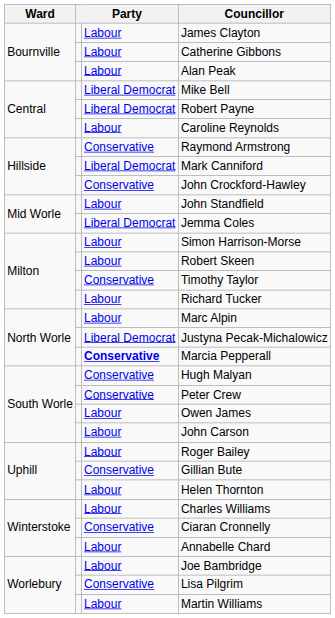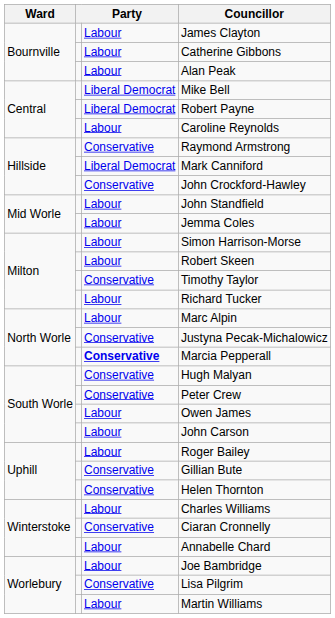 <table class="wikitable sortable">
 <tr>
 <th>Ward</th>
 <th colspan="2">Party</th>
 <th>Councillor</th>
 </tr>
 <tr>
 <td rowspan="3">Bournville</td>
 <td style="background-color:"></td>
 <td><a href='#'>Labour</a></td>
 <td>James Clayton</td>
 </tr>
 <tr>
 <td style="background-color:"></td>
 <td><a href='#'>Labour</a></td>
 <td>Catherine Gibbons</td>
 </tr>
 <tr>
 <td style="background-color:"></td>
 <td><a href='#'>Labour</a></td>
 <td>Alan Peak</td>
 </tr>
 <tr>
 <td rowspan="3">Central</td>
 <td style="background-color:"></td>
 <td><a href='#'>Liberal Democrat</a></td>
 <td>Mike Bell</td>
 </tr>
 <tr>
 <td style="background-color:"></td>
 <td><a href='#'>Liberal Democrat</a></td>
 <td>Robert Payne</td>
 </tr>
 <tr>
 <td style="background-color:"></td>
 <td><a href='#'>Labour</a></td>
 <td>Caroline Reynolds</td>
 </tr>
 <tr>
 <td rowspan="3">Hillside</td>
 <td style="background-color:"></td>
 <td><a href='#'>Conservative</a></td>
 <td>Raymond Armstrong</td>
 </tr>
 <tr>
 <td style="background-color:"></td>
 <td><a href='#'>Liberal Democrat</a></td>
 <td>Mark Canniford</td>
 </tr>
 <tr>
 <td style="background-color:"></td>
 <td><a href='#'>Conservative</a></td>
 <td>John Crockford-Hawley</td>
 </tr>
 <tr>
 <td rowspan="2">Mid Worle</td>
 <td style="background-color:"></td>
 <td><a href='#'>Labour</a></td>
 <td>John Standfield</td>
 </tr>
 <tr>
 <td style="background-color:"></td>
-<td><a href='#'>Liberal Democrat</a></td>
+<td><a href='#'>Labour</a></td>
 <td>Jemma Coles</td>
 </tr>
 <tr>
 <td rowspan="4">Milton</td>
 <td style="background-color:"></td>
 <td><a href='#'>Labour</a></td>
 <td>Simon Harrison-Morse</td>
 </tr>
 <tr>
 <td style="background-color:"></td>
 <td><a href='#'>Labour</a></td>
 <td>Robert Skeen</td>
 </tr>
 <tr>
 <td style="background-color:"></td>
 <td><a href='#'>Conservative</a></td>
 <td>Timothy Taylor</td>
 </tr>
 <tr>
 <td style="background-color:"></td>
 <td><a href='#'>Labour</a></td>
 <td>Richard Tucker</td>
 </tr>
 <tr>
 <td rowspan="3">North Worle</td>
 <td style="background-color:"></td>
 <td><a href='#'>Labour</a></td>
 <td>Marc Alpin</td>
 </tr>
 <tr>
 <td style="background-color:"></td>
-<td><a href='#'>Liberal Democrat</a></td>
+<td><a href='#'>Conservative</a></td>
 <td>Justyna Pecak-Michalowicz</td>
 </tr>
 <tr>
 <td style="background-color:"></td>
 <td><strong><a href='#'>Conservative</a></strong></td>
 <td>Marcia Pepperall</td>
 </tr>
 <tr>
 <td rowspan="4">South Worle</td>
 <td style="background-color:"></td>
 <td><a href='#'>Conservative</a></td>
 <td>Hugh Malyan</td>
 </tr>
 <tr>
 <td style="background-color:"></td>
 <td><a href='#'>Conservative</a></td>
 <td>Peter Crew</td>
 </tr>
 <tr>
 <td style="background-color:"></td>
 <td><a href='#'>Labour</a></td>
 <td>Owen James</td>
 </tr>
 <tr>
 <td style="background-color:"></td>
 <td><a href='#'>Labour</a></td>
 <td>John Carson</td>
 </tr>
 <tr>
 <td rowspan="3">Uphill</td>
 <td style="background-color:"></td>
 <td><a href='#'>Labour</a></td>
 <td>Roger Bailey</td>
 </tr>
 <tr>
 <td style="background-color:"></td>
 <td><a href='#'>Conservative</a></td>
 <td>Gillian Bute</td>
 </tr>
 <tr>
 <td style="background-color:"></td>
-<td><a href='#'>Labour</a></td>
+<td><a href='#'>Conservative</a></td>
 <td>Helen Thornton</td>
 </tr>
 <tr>
 <td rowspan="3">Winterstoke</td>
 <td style="background-color:"></td>
 <td><a href='#'>Labour</a></td>
 <td>Charles Williams</td>
 </tr>
 <tr>
 <td style="background-color:"></td>
 <td><a href='#'>Conservative</a></td>
 <td>Ciaran Cronnelly</td>
 </tr>
 <tr>
 <td style="background-color:"></td>
 <td><a href='#'>Labour</a></td>
 <td>Annabelle Chard</td>
 </tr>
 <tr>
 <td rowspan="3">Worlebury</td>
 <td style="background-color:"></td>
 <td><a href='#'>Labour</a></td>
 <td>Joe Bambridge</td>
 </tr>
 <tr>
 <td style="background-color:"></td>
 <td><a href='#'>Conservative</a></td>
 <td>Lisa Pilgrim</td>
 </tr>
 <tr>
 <td style="background-color:"></td>
 <td><a href='#'>Labour</a></td>
 <td>Martin Williams</td>
 </tr>
 </table>
